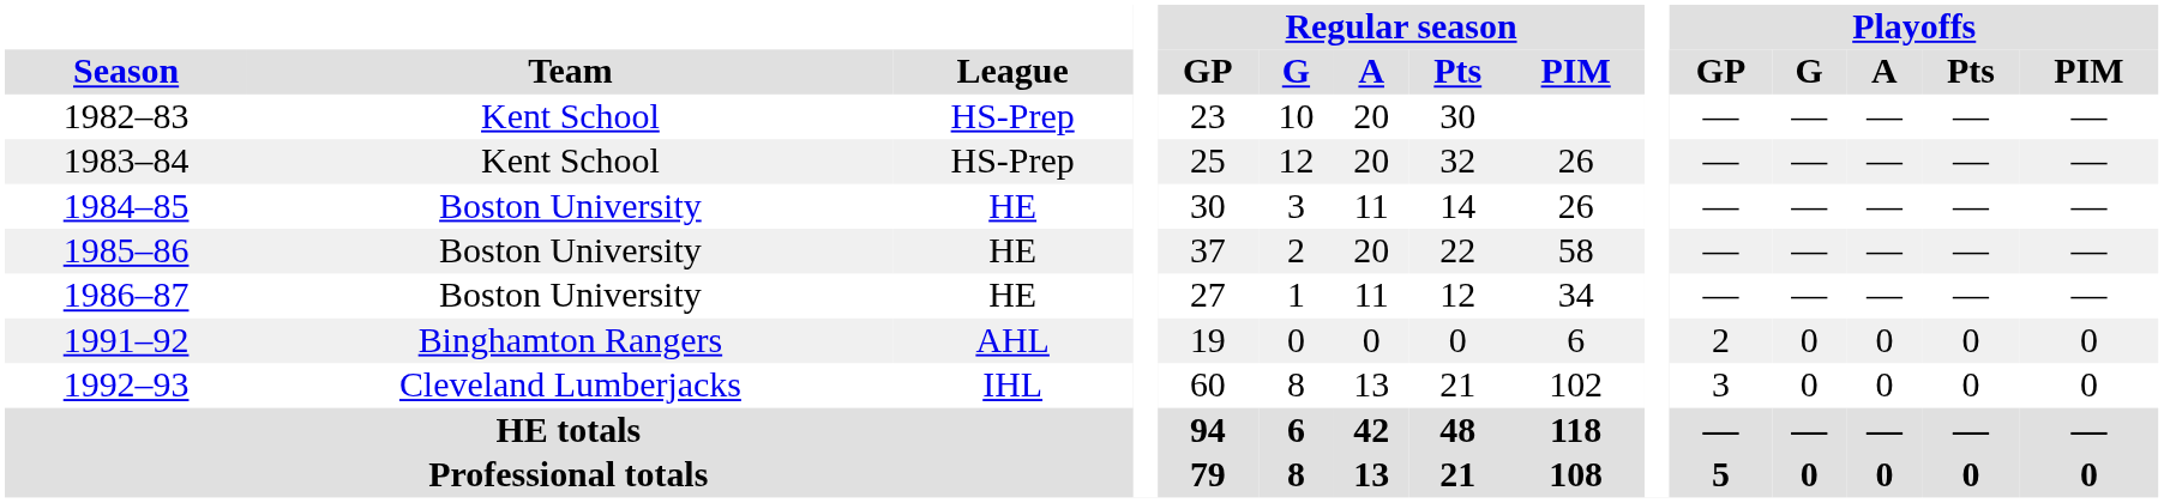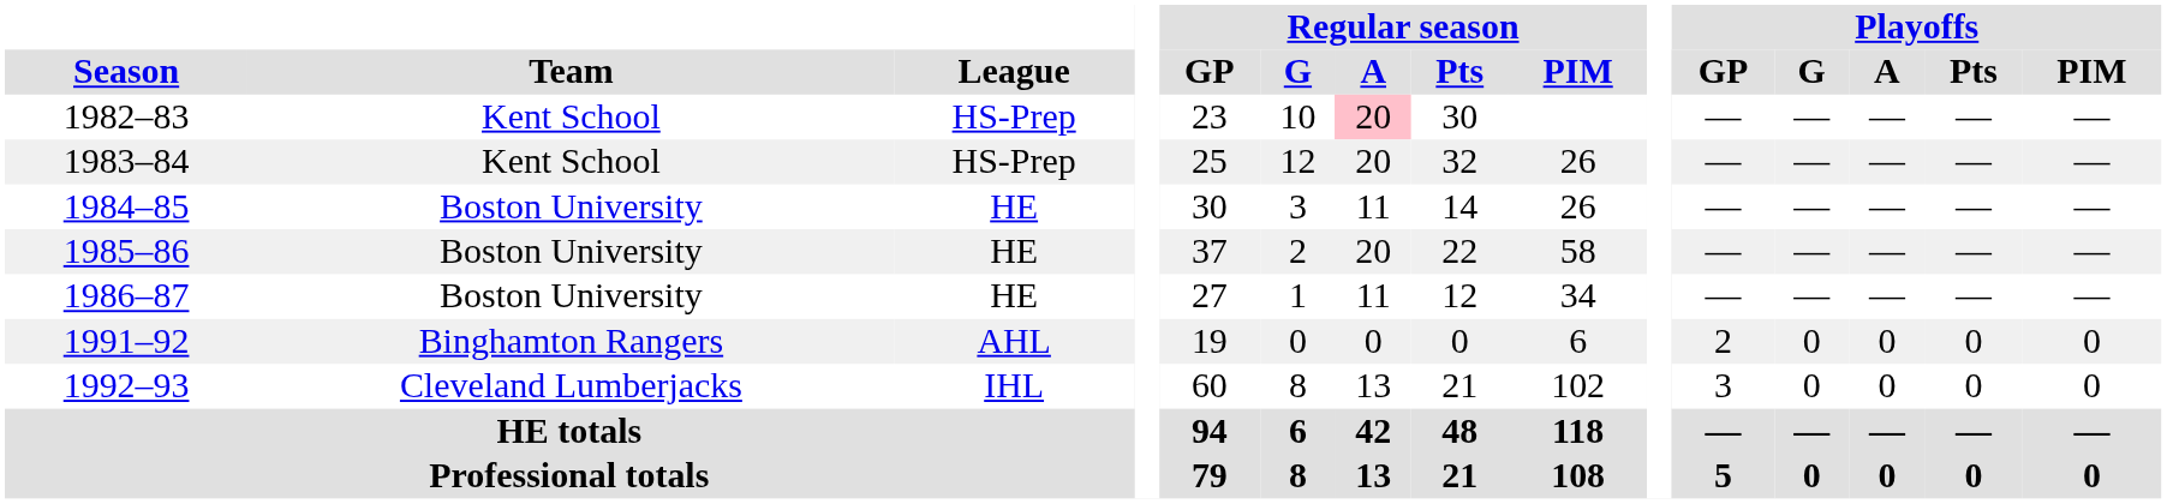 <table border="0" cellpadding="1" cellspacing="0" style="text-align:center; width:60em">
 <tr bgcolor="#e0e0e0">
 <th colspan="3" bgcolor="#ffffff"> </th>
 <th rowspan="99" bgcolor="#ffffff"> </th>
 <th colspan="5"><a href='#'>Regular season</a></th>
 <th rowspan="99" bgcolor="#ffffff"> </th>
 <th colspan="5"><a href='#'>Playoffs</a></th>
 </tr>
 <tr bgcolor="#e0e0e0">
 <th><a href='#'>Season</a></th>
 <th>Team</th>
 <th>League</th>
 <th>GP</th>
 <th><a href='#'>G</a></th>
 <th><a href='#'>A</a></th>
 <th><a href='#'>Pts</a></th>
 <th><a href='#'>PIM</a></th>
 <th>GP</th>
 <th>G</th>
 <th>A</th>
 <th>Pts</th>
 <th>PIM</th>
 </tr>
 <tr>
 <td>1982–83</td>
 <td><a href='#'>Kent School</a></td>
 <td><a href='#'>HS-Prep</a></td>
 <td>23</td>
 <td>10</td>
-<td>20</td>
+<td style="background: pink;">20</td>
 <td>30</td>
 <td></td>
 <td>—</td>
 <td>—</td>
 <td>—</td>
 <td>—</td>
 <td>—</td>
 </tr>
 <tr bgcolor="#f0f0f0">
 <td>1983–84</td>
 <td>Kent School</td>
 <td>HS-Prep</td>
 <td>25</td>
 <td>12</td>
 <td>20</td>
 <td>32</td>
 <td>26</td>
 <td>—</td>
 <td>—</td>
 <td>—</td>
 <td>—</td>
 <td>—</td>
 </tr>
 <tr>
 <td><a href='#'>1984–85</a></td>
 <td><a href='#'>Boston University</a></td>
 <td><a href='#'>HE</a></td>
 <td>30</td>
 <td>3</td>
 <td>11</td>
 <td>14</td>
 <td>26</td>
 <td>—</td>
 <td>—</td>
 <td>—</td>
 <td>—</td>
 <td>—</td>
 </tr>
 <tr bgcolor="#f0f0f0">
 <td><a href='#'>1985–86</a></td>
 <td>Boston University</td>
 <td>HE</td>
 <td>37</td>
 <td>2</td>
 <td>20</td>
 <td>22</td>
 <td>58</td>
 <td>—</td>
 <td>—</td>
 <td>—</td>
 <td>—</td>
 <td>—</td>
 </tr>
 <tr>
 <td><a href='#'>1986–87</a></td>
 <td>Boston University</td>
 <td>HE</td>
 <td>27</td>
 <td>1</td>
 <td>11</td>
 <td>12</td>
 <td>34</td>
 <td>—</td>
 <td>—</td>
 <td>—</td>
 <td>—</td>
 <td>—</td>
 </tr>
 <tr bgcolor="#f0f0f0">
 <td><a href='#'>1991–92</a></td>
 <td><a href='#'>Binghamton Rangers</a></td>
 <td><a href='#'>AHL</a></td>
 <td>19</td>
 <td>0</td>
 <td>0</td>
 <td>0</td>
 <td>6</td>
 <td>2</td>
 <td>0</td>
 <td>0</td>
 <td>0</td>
 <td>0</td>
 </tr>
 <tr>
 <td><a href='#'>1992–93</a></td>
 <td><a href='#'>Cleveland Lumberjacks</a></td>
 <td><a href='#'>IHL</a></td>
 <td>60</td>
 <td>8</td>
 <td>13</td>
 <td>21</td>
 <td>102</td>
 <td>3</td>
 <td>0</td>
 <td>0</td>
 <td>0</td>
 <td>0</td>
 </tr>
 <tr bgcolor="#e0e0e0">
 <th colspan="3">HE totals</th>
 <th>94</th>
 <th>6</th>
 <th>42</th>
 <th>48</th>
 <th>118</th>
 <th>—</th>
 <th>—</th>
 <th>—</th>
 <th>—</th>
 <th>—</th>
 </tr>
 <tr bgcolor="#e0e0e0">
 <th colspan="3">Professional totals</th>
 <th>79</th>
 <th>8</th>
 <th>13</th>
 <th>21</th>
 <th>108</th>
 <th>5</th>
 <th>0</th>
 <th>0</th>
 <th>0</th>
 <th>0</th>
 </tr>
 </table>
